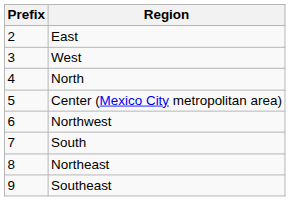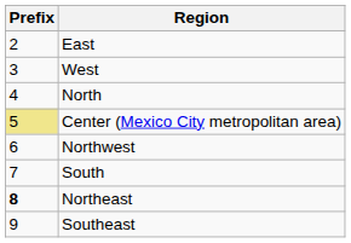 <table class=wikitable>
 <tr>
 <th>Prefix</th>
 <th>Region</th>
 </tr>
 <tr>
 <td>2</td>
 <td>East</td>
 </tr>
 <tr>
 <td>3</td>
 <td>West</td>
 </tr>
 <tr>
 <td>4</td>
 <td>North</td>
 </tr>
 <tr>
-<td>5</td>
+<td style="background: khaki;">5</td>
 <td>Center (<a href='#'>Mexico City</a> metropolitan area)</td>
 </tr>
 <tr>
 <td>6</td>
 <td>Northwest</td>
 </tr>
 <tr>
 <td>7</td>
 <td>South</td>
 </tr>
 <tr>
-<td>8</td>
+<td><strong>8</strong></td>
 <td>Northeast</td>
 </tr>
 <tr>
 <td>9</td>
 <td>Southeast</td>
 </tr>
 </table>
